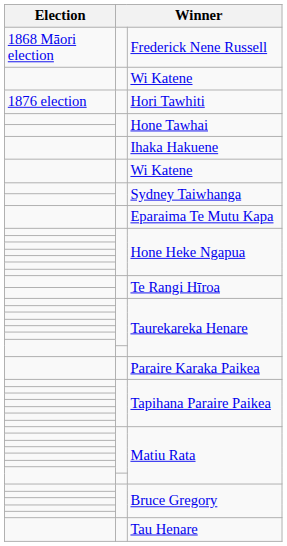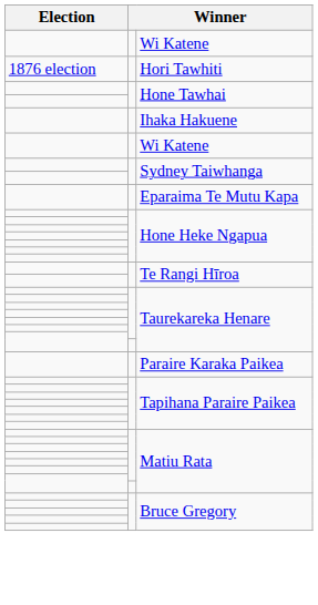 <table class="wikitable">
 <tr>
 <th width=115>Election</th>
 <th width=175 colspan=2>Winner</th>
-</tr>
-<tr>
-<td><span><a href='#'>1868 Māori election</a></span></td>
-<td width=5 bgcolor=></td>
-<td><a href='#'>Frederick Nene Russell</a></td>
 </tr>
 <tr>
 <td></td>
 <td bgcolor=></td>
 <td><a href='#'>Wi Katene</a></td>
 </tr>
 <tr>
 <td><a href='#'>1876 election</a></td>
 <td bgcolor=></td>
 <td><a href='#'>Hori Tawhiti</a></td>
 </tr>
 <tr>
 <td></td>
 <td rowspan=2 bgcolor=></td>
 <td rowspan=2><a href='#'>Hone Tawhai</a></td>
 </tr>
 <tr>
 <td></td>
 </tr>
 <tr>
 <td></td>
 <td bgcolor=></td>
 <td><a href='#'>Ihaka Hakuene</a></td>
 </tr>
 <tr>
 <td></td>
 <td bgcolor=></td>
 <td><a href='#'>Wi Katene</a></td>
 </tr>
 <tr>
 <td></td>
 <td rowspan=2 bgcolor=></td>
 <td rowspan=2><a href='#'>Sydney Taiwhanga</a></td>
 </tr>
 <tr>
 <td></td>
 </tr>
 <tr>
 <td></td>
 <td bgcolor=></td>
 <td><a href='#'>Eparaima Te Mutu Kapa</a></td>
 </tr>
 <tr>
 <td></td>
 <td rowspan=7 bgcolor=></td>
 <td rowspan=7><a href='#'>Hone Heke Ngapua</a></td>
 </tr>
 <tr>
 <td></td>
 </tr>
 <tr>
 <td></td>
 </tr>
 <tr>
 <td></td>
 </tr>
 <tr>
 <td></td>
 </tr>
 <tr>
 <td></td>
 </tr>
 <tr>
 <td></td>
 </tr>
 <tr>
 <td></td>
 <td rowspan=2 bgcolor=></td>
 <td rowspan=2><a href='#'>Te Rangi Hīroa</a></td>
 </tr>
 <tr>
 <td></td>
 </tr>
 <tr>
 <td></td>
 <td rowspan=6 style="border-bottom:solid 0 grey; background:"></td>
 <td rowspan=8><a href='#'>Taurekareka Henare</a></td>
 </tr>
 <tr>
 <td></td>
 </tr>
 <tr>
 <td></td>
 </tr>
 <tr>
 <td></td>
 </tr>
 <tr>
 <td></td>
 </tr>
 <tr>
 <td></td>
 </tr>
 <tr>
 <td rowspan=2></td>
 <td style="border-top:solid 0 grey; background:"></td>
 </tr>
 <tr>
 <td height=5 style="border-top:solid 0 grey; background:"></td>
 </tr>
 <tr>
 <td></td>
 <td bgcolor=></td>
 <td><a href='#'>Paraire Karaka Paikea</a></td>
 </tr>
 <tr>
 <td></td>
 <td rowspan=7 bgcolor=></td>
 <td rowspan=7><a href='#'>Tapihana Paraire Paikea</a></td>
 </tr>
 <tr>
 <td></td>
 </tr>
 <tr>
 <td></td>
 </tr>
 <tr>
 <td></td>
 </tr>
 <tr>
 <td></td>
 </tr>
 <tr>
 <td></td>
 </tr>
 <tr>
 <td></td>
 </tr>
 <tr>
 <td></td>
 <td rowspan=6 style="border-bottom:solid 0 grey; background:"></td>
 <td rowspan=8><a href='#'>Matiu Rata</a></td>
 </tr>
 <tr>
 <td></td>
 </tr>
 <tr>
 <td></td>
 </tr>
 <tr>
 <td></td>
 </tr>
 <tr>
 <td></td>
 </tr>
 <tr>
 <td></td>
 </tr>
 <tr>
 <td rowspan=2></td>
 <td style="border-top:solid 0 grey; background:"></td>
 </tr>
 <tr>
 <td height=5 style="border-top:solid 0 grey; background:"></td>
 </tr>
 <tr>
 <td></td>
 <td rowspan=5 bgcolor=></td>
 <td rowspan=5><a href='#'>Bruce Gregory</a></td>
 </tr>
 <tr>
 <td></td>
 </tr>
 <tr>
 <td></td>
 </tr>
 <tr>
 <td></td>
 </tr>
 <tr>
 <td></td>
 </tr>
-<tr>
-<td></td>
-<td bgcolor=></td>
-<td><a href='#'>Tau Henare</a></td>
-</tr>
 </table>
